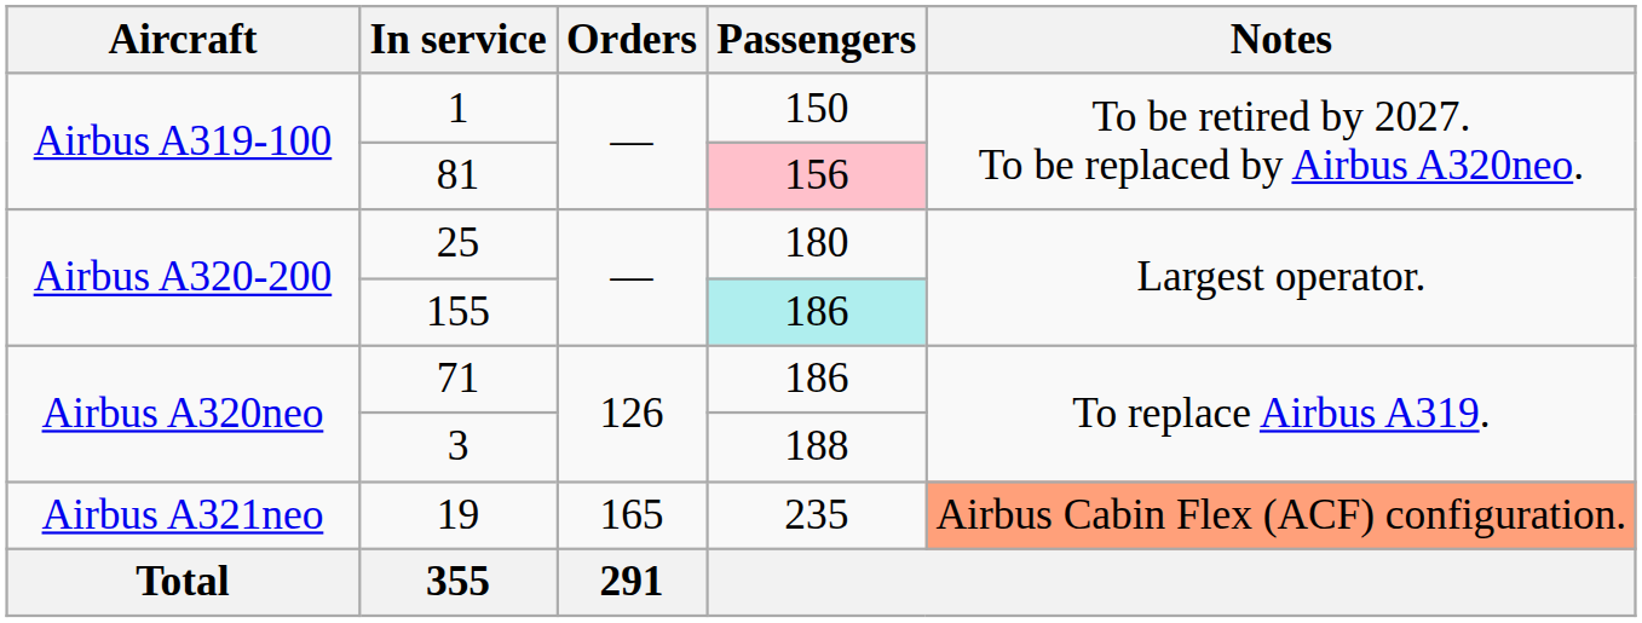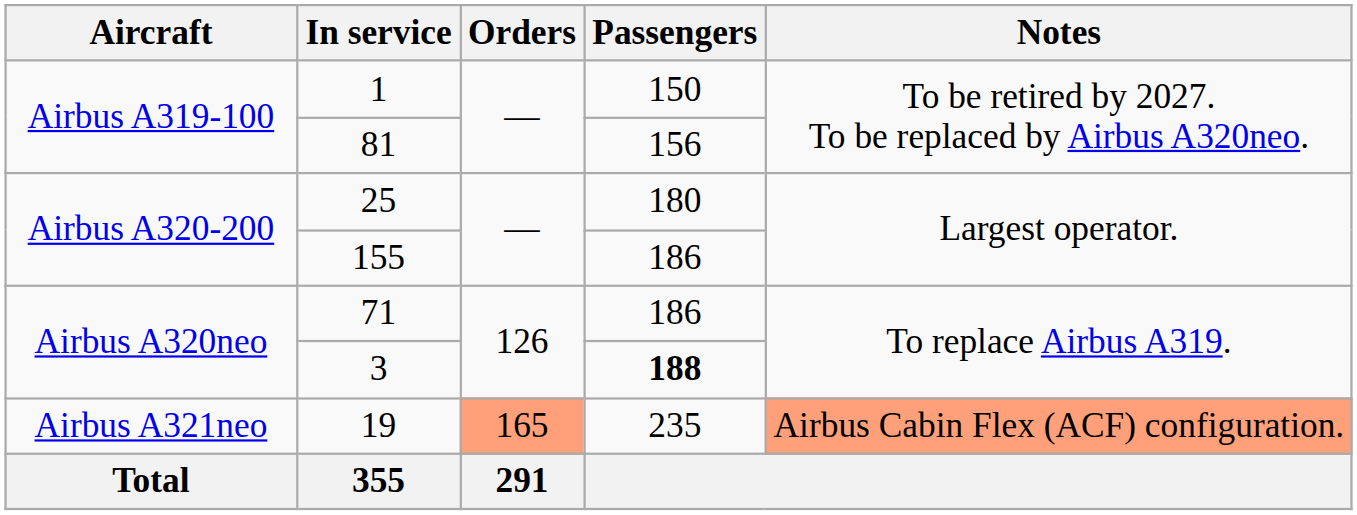 <table class="wikitable" style="text-align:center; margin-left: auto; margin-right: auto; border: none;">
 <tr>
 <th style="width:125px;">Aircraft</th>
 <th>In service</th>
 <th>Orders</th>
 <th>Passengers</th>
 <th>Notes</th>
 </tr>
 <tr>
 <td rowspan="2"><a href='#'>Airbus A319-100</a></td>
 <td>1</td>
 <td rowspan="2">—</td>
 <td>150</td>
 <td rowspan="2">To be retired by 2027.<br> To be replaced by <a href='#'>Airbus A320neo</a>.</td>
 </tr>
 <tr>
 <td>81</td>
-<td style="background: pink;">156</td>
+<td>156</td>
 </tr>
 <tr>
 <td rowspan="2"><a href='#'>Airbus A320-200</a></td>
 <td>25</td>
 <td rowspan="2">—</td>
 <td>180</td>
 <td rowspan="2">Largest operator.</td>
 </tr>
 <tr>
 <td>155</td>
-<td style="background: paleturquoise;">186</td>
+<td>186</td>
 </tr>
 <tr>
 <td rowspan="2"><a href='#'>Airbus A320neo</a></td>
 <td>71</td>
 <td rowspan="2">126</td>
 <td>186</td>
 <td rowspan="2">To replace <a href='#'>Airbus A319</a>.</td>
 </tr>
 <tr>
 <td>3</td>
-<td>188</td>
+<td><strong>188</strong></td>
 </tr>
 <tr>
 <td><a href='#'>Airbus A321neo</a></td>
 <td>19</td>
-<td>165</td>
+<td style="background: lightsalmon;">165</td>
 <td>235</td>
 <td style="background: lightsalmon;">Airbus Cabin Flex (ACF) configuration.</td>
 </tr>
 <tr>
 <th>Total</th>
 <th>355</th>
 <th>291</th>
 <th colspan="2"></th>
 </tr>
 </table>
